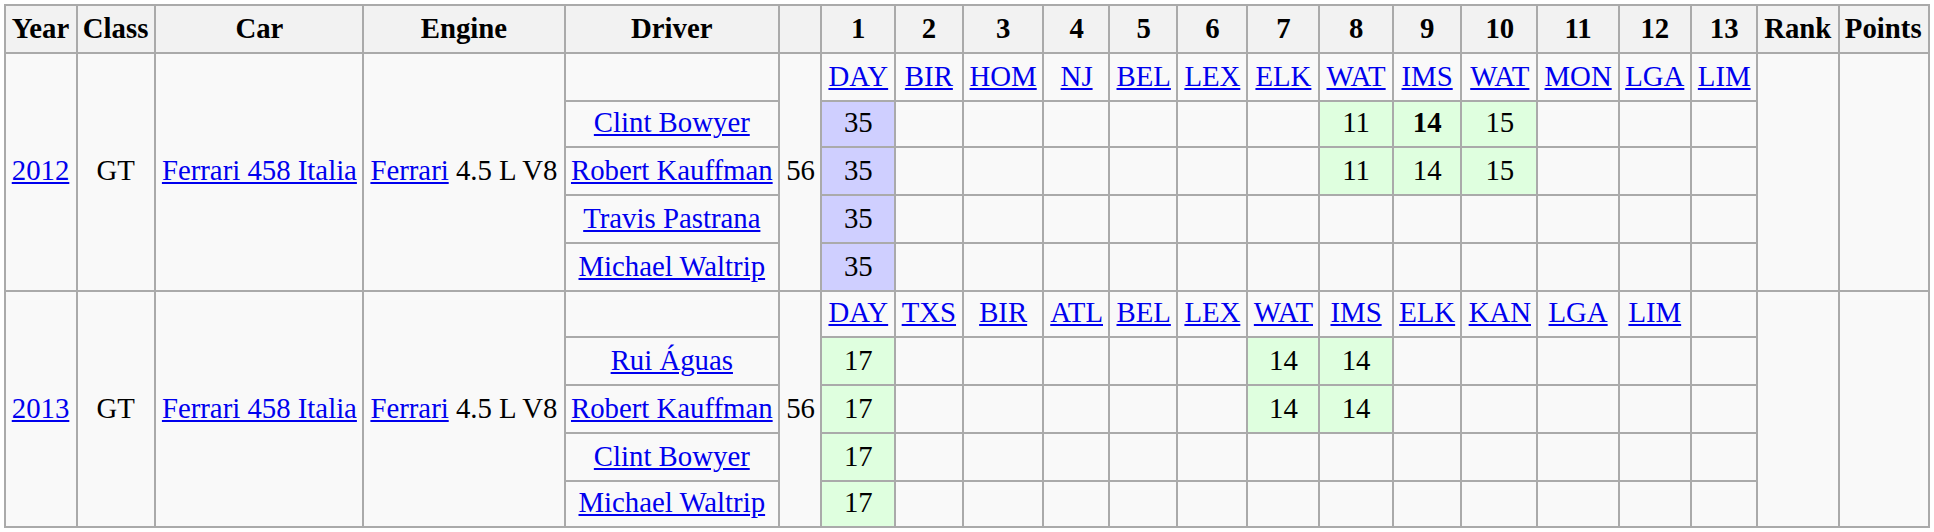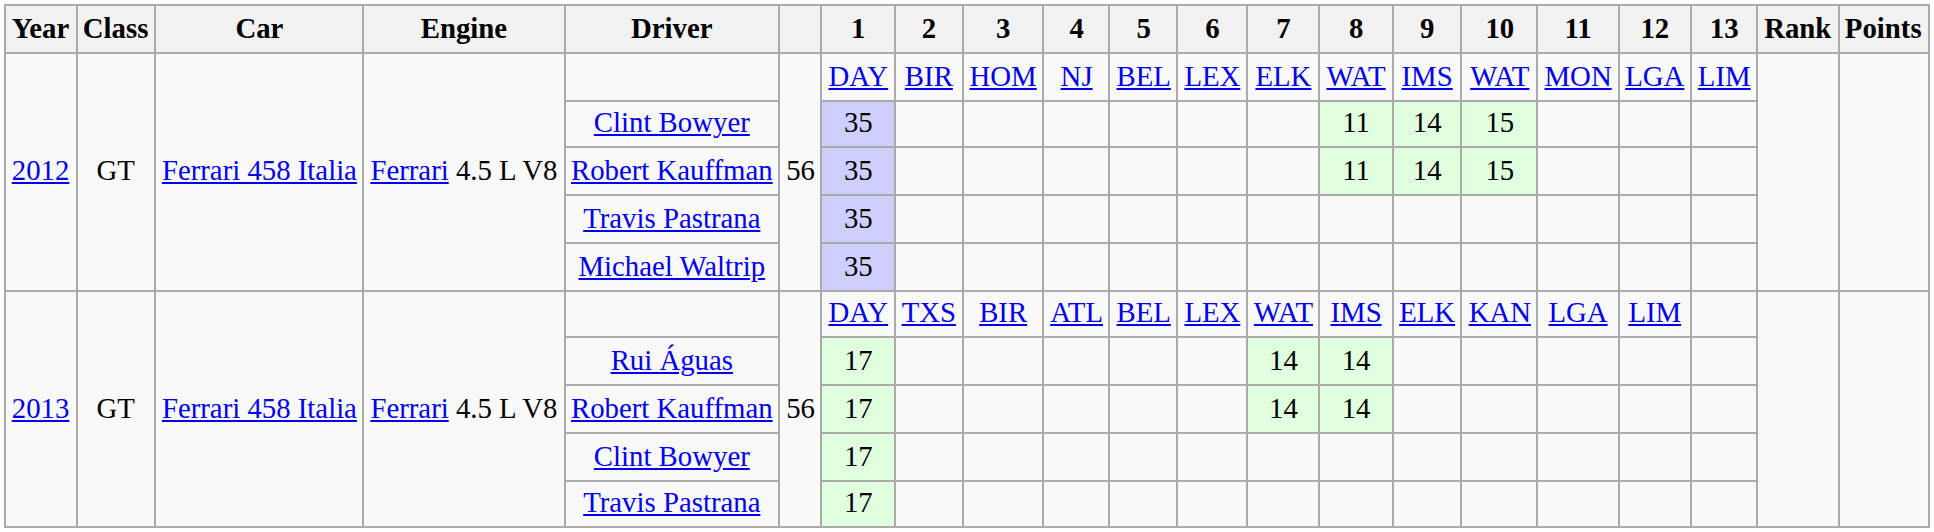 <table class="wikitable" style="text-align:center; font-size:90%">
 <tr>
 <th>Year</th>
 <th>Class</th>
 <th>Car</th>
 <th>Engine</th>
 <th>Driver</th>
 <th></th>
 <th>1</th>
 <th>2</th>
 <th>3</th>
 <th>4</th>
 <th>5</th>
 <th>6</th>
 <th>7</th>
 <th>8</th>
 <th>9</th>
 <th>10</th>
 <th>11</th>
 <th>12</th>
 <th>13</th>
 <th>Rank</th>
 <th>Points</th>
 </tr>
 <tr>
 <td rowspan=5><a href='#'>2012</a></td>
 <td rowspan=5>GT</td>
 <td rowspan=5><a href='#'>Ferrari 458 Italia</a></td>
 <td rowspan=5><a href='#'>Ferrari</a> 4.5 L V8</td>
 <td></td>
 <td rowspan=5>56</td>
 <td><a href='#'>DAY</a></td>
 <td><a href='#'>BIR</a></td>
 <td><a href='#'>HOM</a></td>
 <td><a href='#'>NJ</a></td>
 <td><a href='#'>BEL</a></td>
 <td><a href='#'>LEX</a></td>
 <td><a href='#'>ELK</a></td>
 <td><a href='#'>WAT</a></td>
 <td><a href='#'>IMS</a></td>
 <td><a href='#'>WAT</a></td>
 <td><a href='#'>MON</a></td>
 <td><a href='#'>LGA</a></td>
 <td><a href='#'>LIM</a></td>
 <td rowspan=5></td>
 <td rowspan=5></td>
 </tr>
 <tr>
 <td> <a href='#'>Clint Bowyer</a></td>
 <td align=center style="background:#CFCFFF">35</td>
 <td></td>
 <td></td>
 <td></td>
 <td></td>
 <td></td>
 <td></td>
 <td align=center style="background:#DFFFDF;">11</td>
-<td align=center style="background:#DFFFDF;"><strong>14</strong></td>
+<td align=center style="background:#DFFFDF;">14</td>
 <td align=center style="background:#DFFFDF;">15</td>
 <td></td>
 <td></td>
 <td></td>
 </tr>
 <tr>
 <td> <a href='#'>Robert Kauffman</a></td>
 <td align=center style="background:#CFCFFF">35</td>
 <td></td>
 <td></td>
 <td></td>
 <td></td>
 <td></td>
 <td></td>
 <td align=center style="background:#DFFFDF;">11</td>
 <td align=center style="background:#DFFFDF;">14</td>
 <td align=center style="background:#DFFFDF;">15</td>
 <td></td>
 <td></td>
 <td></td>
 </tr>
 <tr>
 <td> <a href='#'>Travis Pastrana</a></td>
 <td align=center style="background:#CFCFFF">35</td>
 <td></td>
 <td></td>
 <td></td>
 <td></td>
 <td></td>
 <td></td>
 <td></td>
 <td></td>
 <td></td>
 <td></td>
 <td></td>
 <td></td>
 </tr>
 <tr>
 <td> <a href='#'>Michael Waltrip</a></td>
 <td align=center style="background:#CFCFFF">35</td>
 <td></td>
 <td></td>
 <td></td>
 <td></td>
 <td></td>
 <td></td>
 <td></td>
 <td></td>
 <td></td>
 <td></td>
 <td></td>
 <td></td>
 </tr>
 <tr>
 <td rowspan=5><a href='#'>2013</a></td>
 <td rowspan=5>GT</td>
 <td rowspan=5><a href='#'>Ferrari 458 Italia</a></td>
 <td rowspan=5><a href='#'>Ferrari</a> 4.5 L V8</td>
 <td></td>
 <td rowspan=5>56</td>
 <td><a href='#'>DAY</a></td>
 <td><a href='#'>TXS</a></td>
 <td><a href='#'>BIR</a></td>
 <td><a href='#'>ATL</a></td>
 <td><a href='#'>BEL</a></td>
 <td><a href='#'>LEX</a></td>
 <td><a href='#'>WAT</a></td>
 <td><a href='#'>IMS</a></td>
 <td><a href='#'>ELK</a></td>
 <td><a href='#'>KAN</a></td>
 <td><a href='#'>LGA</a></td>
 <td><a href='#'>LIM</a></td>
 <td></td>
 <td rowspan=5></td>
 <td rowspan=5></td>
 </tr>
 <tr>
 <td> <a href='#'>Rui Águas</a></td>
 <td align=center style="background:#DFFFDF;">17</td>
 <td></td>
 <td></td>
 <td></td>
 <td></td>
 <td></td>
 <td align=center style="background:#DFFFDF;">14</td>
 <td align=center style="background:#DFFFDF;">14</td>
 <td></td>
 <td></td>
 <td></td>
 <td></td>
 <td></td>
 </tr>
 <tr>
 <td> <a href='#'>Robert Kauffman</a></td>
 <td align=center style="background:#DFFFDF;">17</td>
 <td></td>
 <td></td>
 <td></td>
 <td></td>
 <td></td>
 <td align=center style="background:#DFFFDF;">14</td>
 <td align=center style="background:#DFFFDF;">14</td>
 <td></td>
 <td></td>
 <td></td>
 <td></td>
 <td></td>
 </tr>
 <tr>
 <td> <a href='#'>Clint Bowyer</a></td>
 <td align=center style="background:#DFFFDF;">17</td>
 <td></td>
 <td></td>
 <td></td>
 <td></td>
 <td></td>
 <td></td>
 <td></td>
 <td></td>
 <td></td>
 <td></td>
 <td></td>
 <td></td>
 </tr>
 <tr>
-<td> <a href='#'>Michael Waltrip</a></td>
+<td> <a href='#'>Travis Pastrana</a></td>
 <td align=center style="background:#DFFFDF;">17</td>
 <td></td>
 <td></td>
 <td></td>
 <td></td>
 <td></td>
 <td></td>
 <td></td>
 <td></td>
 <td></td>
 <td></td>
 <td></td>
 <td></td>
 </tr>
 </table>
